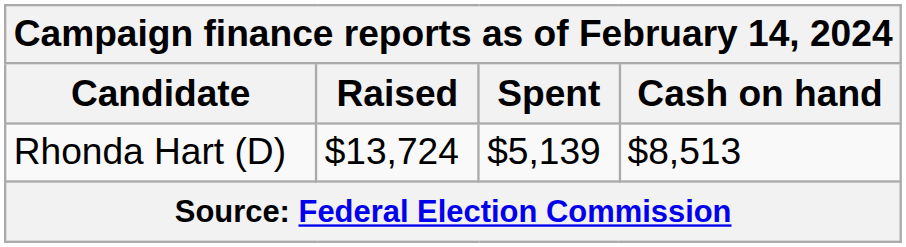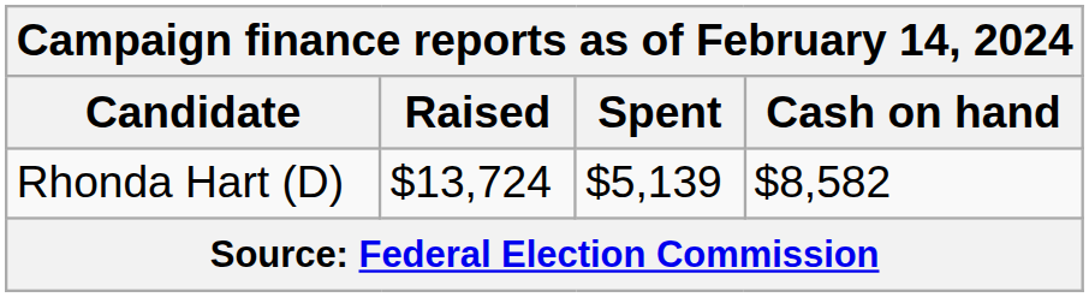 <table class="wikitable sortable">
 <tr>
 <th colspan=4>Campaign finance reports as of February 14, 2024</th>
 </tr>
 <tr style="text-align:center;">
 <th>Candidate</th>
 <th>Raised</th>
 <th>Spent</th>
 <th>Cash on hand</th>
 </tr>
 <tr>
 <td style="color:black;background-color:">Rhonda Hart (D)</td>
 <td>$13,724</td>
 <td>$5,139</td>
-<td>$8,513</td>
+<td>$8,582</td>
 </tr>
 <tr>
 <th colspan="4"><small>Source: <a href='#'>Federal Election Commission</a></small></th>
 </tr>
 </table>
